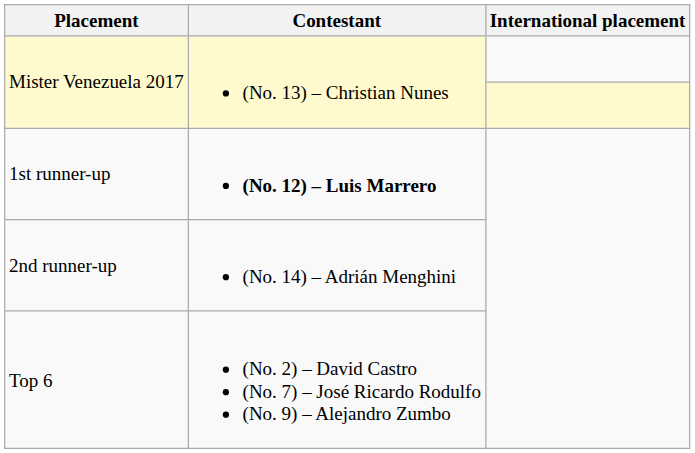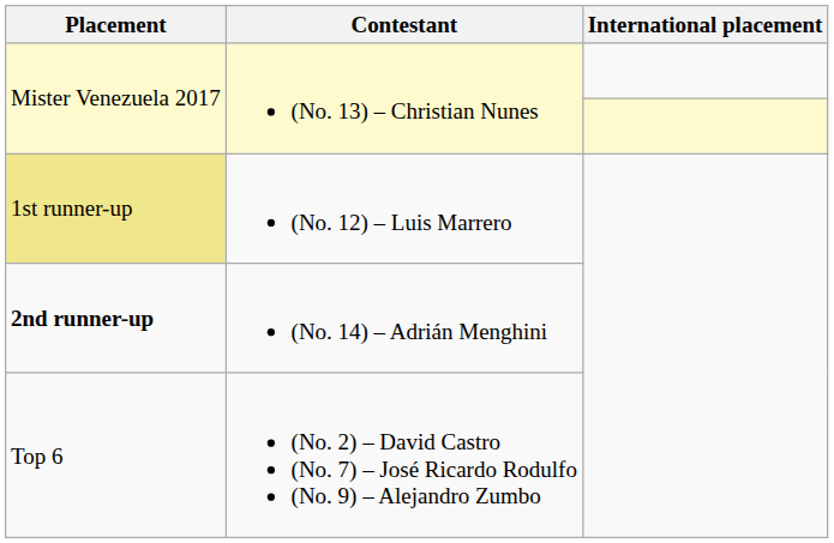 <table class="wikitable sortable" style="font-size: 95%;">
 <tr>
 <th>Placement</th>
 <th>Contestant</th>
 <th>International placement</th>
 </tr>
 <tr>
 <td rowspan="2" style="background:#FFFACD;">Mister Venezuela 2017</td>
 <td rowspan="2" style="background:#FFFACD;"><br><ul><li> (No. 13) – Christian Nunes</li></ul></td>
 <td></td>
 </tr>
 <tr style="background:#FFFACD;">
 <td></td>
 </tr>
 <tr>
-<td>1st runner-up</td>
-<td><strong><br><ul><li> (No. 12) – Luis Marrero</li></ul></strong></td>
+<td style="background: khaki;">1st runner-up</td>
+<td><br><ul><li> (No. 12) – Luis Marrero</li></ul></td>
 <td rowspan="3"></td>
 </tr>
 <tr>
-<td>2nd runner-up</td>
+<td><strong>2nd runner-up</strong></td>
 <td><br><ul><li> (No. 14) – Adrián Menghini</li></ul></td>
 </tr>
 <tr>
 <td>Top 6</td>
 <td><br><ul><li> (No. 2) – David Castro</li><li> (No. 7) – José Ricardo Rodulfo</li><li> (No. 9) – Alejandro Zumbo</li></ul></td>
 </tr>
 </table>
